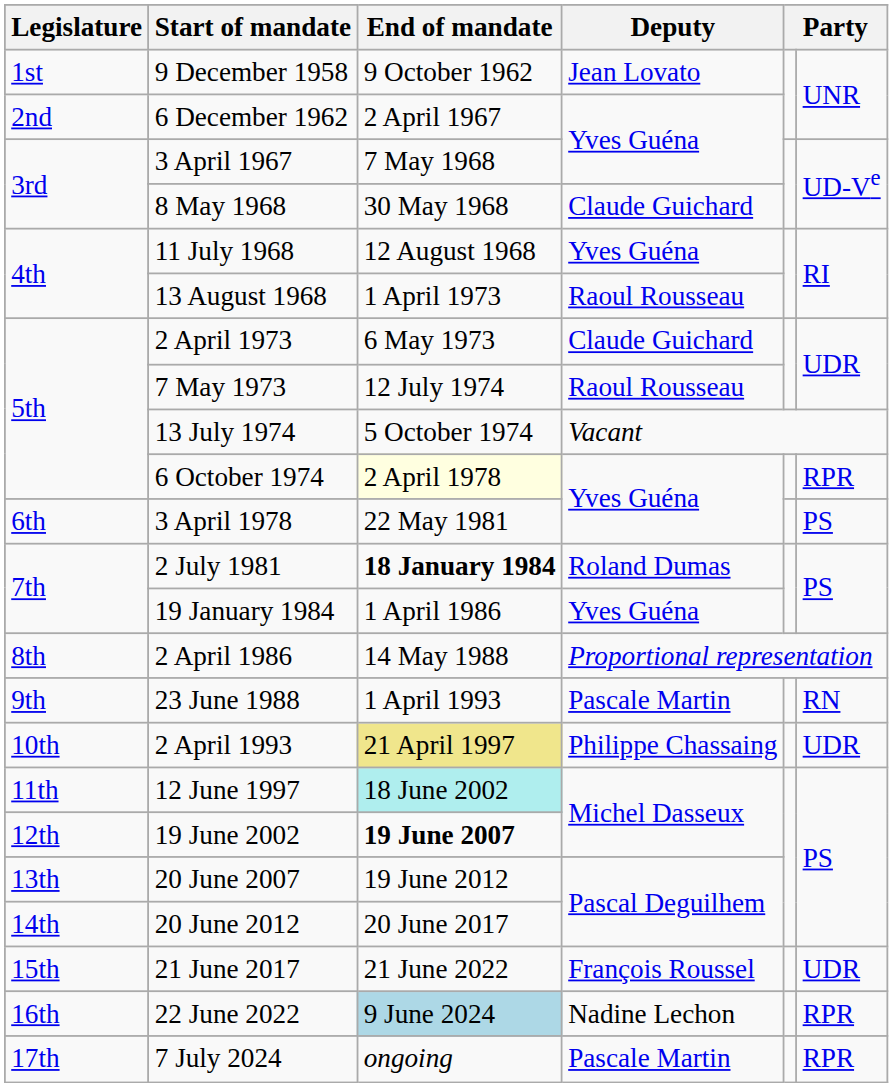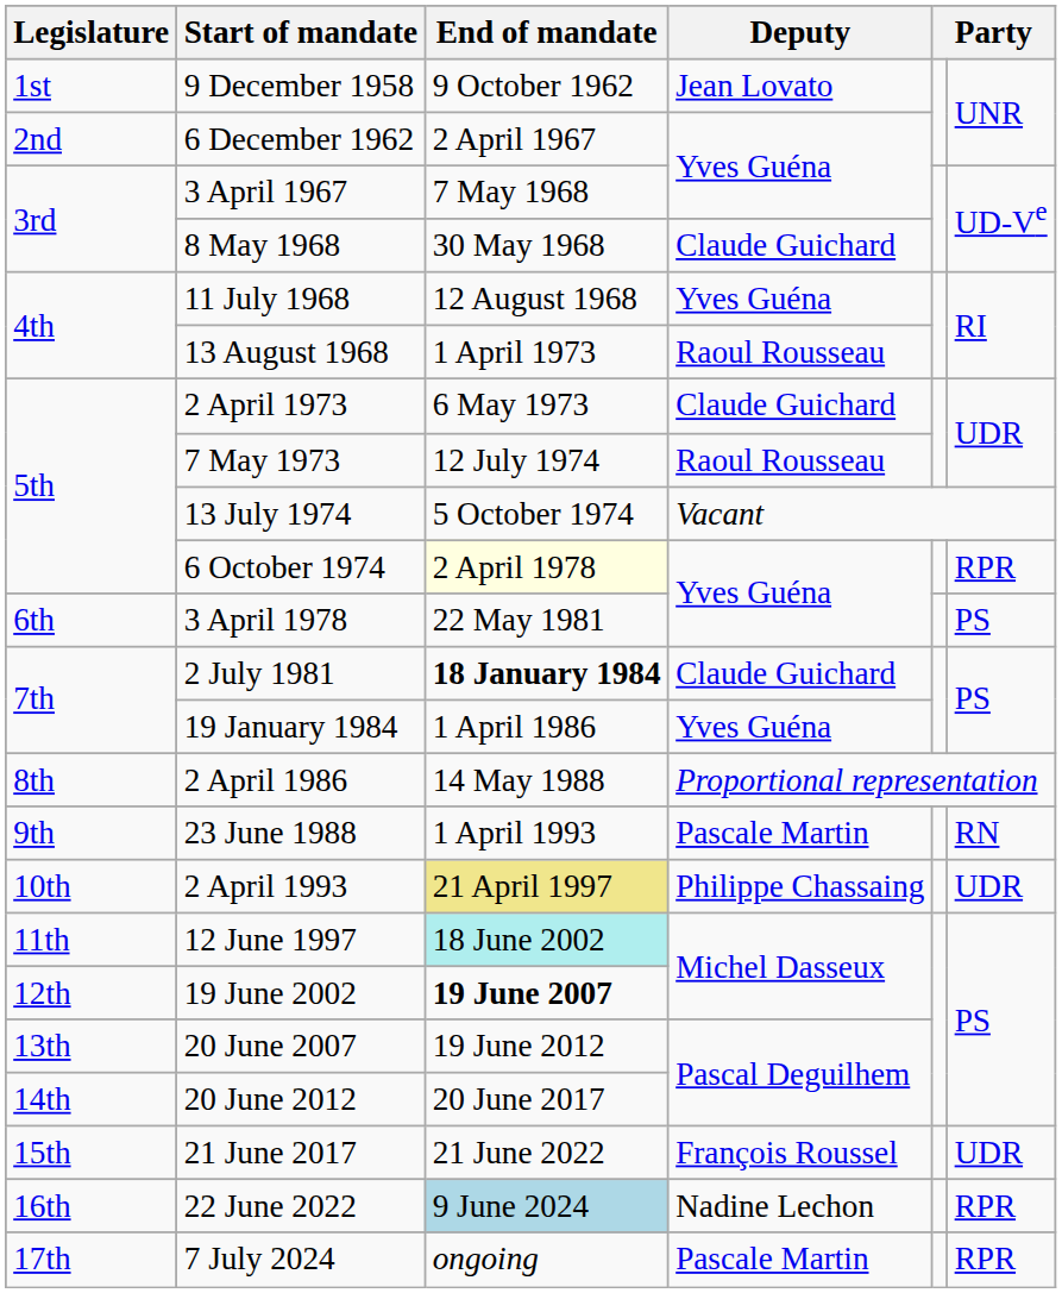 <table class="wikitable" style="font-size:95%;">
 <tr>
 <th>Legislature</th>
 <th>Start of mandate</th>
 <th>End of mandate</th>
 <th>Deputy</th>
 <th colspan="2">Party</th>
 </tr>
 <tr>
 <td><a href='#'>1st</a></td>
 <td>9 December 1958</td>
 <td>9 October 1962</td>
 <td><a href='#'>Jean Lovato</a></td>
 <td rowspan="2" style="color:inherit;background:"></td>
 <td rowspan="2"><a href='#'>UNR</a></td>
 </tr>
 <tr>
 <td><a href='#'>2nd</a></td>
 <td>6 December 1962</td>
 <td>2 April 1967</td>
 <td rowspan="2"><a href='#'>Yves Guéna</a></td>
 </tr>
 <tr>
 <td rowspan="2"><a href='#'>3rd</a></td>
 <td>3 April 1967</td>
 <td>7 May 1968</td>
 <td rowspan="2" style="color:inherit;background:"></td>
 <td rowspan="2"><a href='#'>UD-V<sup>e</sup></a></td>
 </tr>
 <tr>
 <td>8 May 1968</td>
 <td>30 May 1968</td>
 <td><a href='#'>Claude Guichard</a></td>
 </tr>
 <tr>
 <td rowspan="2"><a href='#'>4th</a></td>
 <td>11 July 1968</td>
 <td>12 August 1968</td>
 <td><a href='#'>Yves Guéna</a></td>
 <td rowspan="2" style="color:inherit;background:"></td>
 <td rowspan="2"><a href='#'>RI</a></td>
 </tr>
 <tr>
 <td>13 August 1968</td>
 <td>1 April 1973</td>
 <td><a href='#'>Raoul Rousseau</a></td>
 </tr>
 <tr>
 <td rowspan="4"><a href='#'>5th</a></td>
 <td>2 April 1973</td>
 <td>6 May 1973</td>
 <td><a href='#'>Claude Guichard</a></td>
 <td rowspan="2" style="color:inherit;background:"></td>
 <td rowspan="2"><a href='#'>UDR</a></td>
 </tr>
 <tr>
 <td>7 May 1973</td>
 <td>12 July 1974</td>
 <td><a href='#'>Raoul Rousseau</a></td>
 </tr>
 <tr>
 <td>13 July 1974</td>
 <td>5 October 1974</td>
 <td colspan="3"><em>Vacant</em></td>
 </tr>
 <tr>
 <td>6 October 1974</td>
 <td style="background: lightyellow;">2 April 1978</td>
 <td rowspan="2"><a href='#'>Yves Guéna</a></td>
 <td style="color:inherit;background:"></td>
 <td><a href='#'>RPR</a></td>
 </tr>
 <tr>
 <td><a href='#'>6th</a></td>
 <td>3 April 1978</td>
 <td>22 May 1981</td>
 <td style="color:inherit;background:"></td>
 <td><a href='#'>PS</a></td>
 </tr>
 <tr>
 <td rowspan="2"><a href='#'>7th</a></td>
 <td>2 July 1981</td>
 <td><strong>18 January 1984</strong></td>
-<td><a href='#'>Roland Dumas</a></td>
+<td><a href='#'>Claude Guichard</a></td>
 <td rowspan="2" style="color:inherit;background:"></td>
 <td rowspan="2"><a href='#'>PS</a></td>
 </tr>
 <tr>
 <td>19 January 1984</td>
 <td>1 April 1986</td>
 <td><a href='#'>Yves Guéna</a></td>
 </tr>
 <tr>
 <td><a href='#'>8th</a></td>
 <td>2 April 1986</td>
 <td>14 May 1988</td>
 <td colspan="3"><em><a href='#'>Proportional representation</a></em></td>
 </tr>
 <tr>
 <td><a href='#'>9th</a></td>
 <td>23 June 1988</td>
 <td>1 April 1993</td>
 <td><a href='#'>Pascale Martin</a></td>
 <td style="color:inherit;background:"></td>
 <td><a href='#'>RN</a></td>
 </tr>
 <tr>
 <td><a href='#'>10th</a></td>
 <td>2 April 1993</td>
 <td style="background: khaki;">21 April 1997</td>
 <td><a href='#'>Philippe Chassaing</a></td>
 <td style="color:inherit;background:"></td>
 <td><a href='#'>UDR</a></td>
 </tr>
 <tr>
 <td><a href='#'>11th</a></td>
 <td>12 June 1997</td>
 <td style="background: paleturquoise;">18 June 2002</td>
 <td rowspan="2"><a href='#'>Michel Dasseux</a></td>
 <td rowspan="4" style="color:inherit;background:"></td>
 <td rowspan="4"><a href='#'>PS</a></td>
 </tr>
 <tr>
 <td><a href='#'>12th</a></td>
 <td>19 June 2002</td>
 <td><strong>19 June 2007</strong></td>
 </tr>
 <tr>
 <td><a href='#'>13th</a></td>
 <td>20 June 2007</td>
 <td>19 June 2012</td>
 <td rowspan="2"><a href='#'>Pascal Deguilhem</a></td>
 </tr>
 <tr>
 <td><a href='#'>14th</a></td>
 <td>20 June 2012</td>
 <td>20 June 2017</td>
 </tr>
 <tr>
 <td><a href='#'>15th</a></td>
 <td>21 June 2017</td>
 <td>21 June 2022</td>
 <td><a href='#'>François Roussel</a></td>
 <td style="color:inherit;background:"></td>
 <td><a href='#'>UDR</a></td>
 </tr>
 <tr>
 <td><a href='#'>16th</a></td>
 <td>22 June 2022</td>
 <td style="background: lightblue;">9 June 2024</td>
 <td>Nadine Lechon</td>
 <td style="color:inherit;background:"></td>
 <td><a href='#'>RPR</a></td>
 </tr>
 <tr>
 <td><a href='#'>17th</a></td>
 <td>7 July 2024</td>
 <td><em>ongoing</em></td>
 <td><a href='#'>Pascale Martin</a></td>
 <td style="color:inherit;background:"></td>
 <td><a href='#'>RPR</a></td>
 </tr>
 </table>
